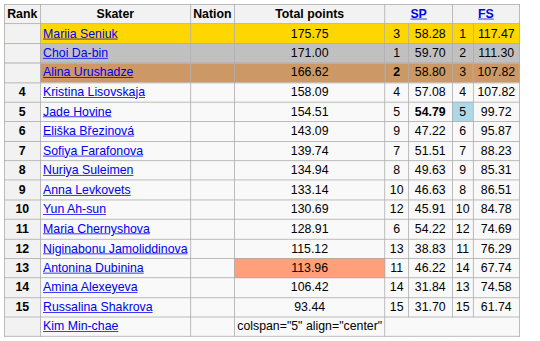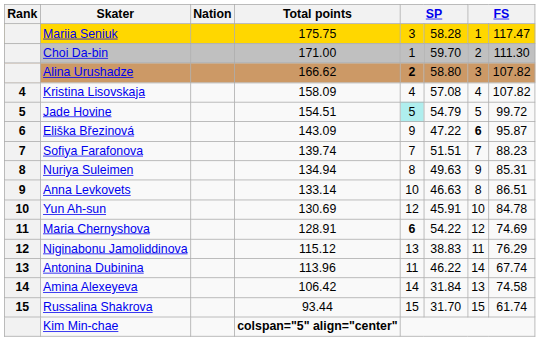 <table class="wikitable sortable" style="text-align:left">
 <tr>
 <th scope="col">Rank</th>
 <th scope="col">Skater</th>
 <th scope="col">Nation</th>
 <th scope="col">Total points</th>
 <th scope="col" colspan="2" width="80px"><a href='#'>SP</a></th>
 <th scope="col" colspan="2" width="80px"><a href='#'>FS</a></th>
 </tr>
 <tr bgcolor="gold">
 <th scope="row"></th>
 <td><a href='#'>Mariia Seniuk</a></td>
 <td></td>
 <td align="center">175.75</td>
 <td align="center">3</td>
 <td align="center">58.28</td>
 <td align="center">1</td>
 <td align="center">117.47</td>
 </tr>
 <tr bgcolor="silver">
 <th scope="row"></th>
 <td><a href='#'>Choi Da-bin</a></td>
 <td></td>
 <td align="center">171.00</td>
 <td align="center">1</td>
 <td align="center">59.70</td>
 <td align="center">2</td>
 <td align="center">111.30</td>
 </tr>
 <tr bgcolor="cc9966">
 <th scope="row"></th>
 <td><a href='#'>Alina Urushadze</a></td>
 <td></td>
 <td align="center">166.62</td>
 <td align="center"><strong>2</strong></td>
 <td align="center">58.80</td>
 <td align="center">3</td>
 <td align="center">107.82</td>
 </tr>
 <tr>
 <th scope="row">4</th>
 <td><a href='#'>Kristina Lisovskaja</a></td>
 <td></td>
 <td align="center">158.09</td>
 <td align="center">4</td>
 <td align="center">57.08</td>
 <td align="center">4</td>
 <td align="center">107.82</td>
 </tr>
 <tr>
 <th scope="row">5</th>
 <td><a href='#'>Jade Hovine</a></td>
 <td></td>
 <td align="center">154.51</td>
+<td align="center" style="background: paleturquoise;">5</td>
+<td align="center">54.79</td>
 <td align="center">5</td>
-<td align="center"><strong>54.79</strong></td>
-<td align="center" style="background: lightblue;">5</td>
 <td align="center">99.72</td>
 </tr>
 <tr>
 <th scope="row">6</th>
 <td><a href='#'>Eliška Březinová</a></td>
 <td></td>
 <td align="center">143.09</td>
 <td align="center">9</td>
 <td align="center">47.22</td>
-<td align="center">6</td>
+<td align="center"><strong>6</strong></td>
 <td align="center">95.87</td>
 </tr>
 <tr>
 <th scope="row">7</th>
 <td><a href='#'>Sofiya Farafonova</a></td>
 <td></td>
 <td align="center">139.74</td>
 <td align="center">7</td>
 <td align="center">51.51</td>
 <td align="center">7</td>
 <td align="center">88.23</td>
 </tr>
 <tr>
 <th scope="row">8</th>
 <td><a href='#'>Nuriya Suleimen</a></td>
 <td></td>
 <td align="center">134.94</td>
 <td align="center">8</td>
 <td align="center">49.63</td>
 <td align="center">9</td>
 <td align="center">85.31</td>
 </tr>
 <tr>
 <th scope="row">9</th>
 <td><a href='#'>Anna Levkovets</a></td>
 <td></td>
 <td align="center">133.14</td>
 <td align="center">10</td>
 <td align="center">46.63</td>
 <td align="center">8</td>
 <td align="center">86.51</td>
 </tr>
 <tr>
 <th scope="row">10</th>
 <td><a href='#'>Yun Ah-sun</a></td>
 <td></td>
 <td align="center">130.69</td>
 <td align="center">12</td>
 <td align="center">45.91</td>
 <td align="center">10</td>
 <td align="center">84.78</td>
 </tr>
 <tr>
 <th scope="row">11</th>
 <td><a href='#'>Maria Chernyshova</a></td>
 <td></td>
 <td align="center">128.91</td>
-<td align="center">6</td>
+<td align="center"><strong>6</strong></td>
 <td align="center">54.22</td>
 <td align="center">12</td>
 <td align="center">74.69</td>
 </tr>
 <tr>
 <th scope="row">12</th>
 <td><a href='#'>Niginabonu Jamoliddinova</a></td>
 <td></td>
 <td align="center">115.12</td>
 <td align="center">13</td>
 <td align="center">38.83</td>
 <td align="center">11</td>
 <td align="center">76.29</td>
 </tr>
 <tr>
 <th scope="row">13</th>
 <td><a href='#'>Antonina Dubinina</a></td>
 <td></td>
-<td align="center" style="background: lightsalmon;">113.96</td>
+<td align="center">113.96</td>
 <td align="center">11</td>
 <td align="center">46.22</td>
 <td align="center">14</td>
 <td align="center">67.74</td>
 </tr>
 <tr>
 <th scope="row">14</th>
 <td><a href='#'>Amina Alexeyeva</a></td>
 <td></td>
 <td align="center">106.42</td>
 <td align="center">14</td>
 <td align="center">31.84</td>
 <td align="center">13</td>
 <td align="center">74.58</td>
 </tr>
 <tr>
 <th scope="row">15</th>
 <td><a href='#'>Russalina Shakrova</a></td>
 <td></td>
 <td align="center">93.44</td>
 <td align="center">15</td>
 <td align="center">31.70</td>
 <td align="center">15</td>
 <td align="center">61.74</td>
 </tr>
 <tr>
 <th scope="row"></th>
 <td><a href='#'>Kim Min-chae</a></td>
 <td></td>
-<td>colspan="5" align="center" </td>
+<td><strong>colspan="5" align="center" </strong></td>
 </tr>
 </table>
